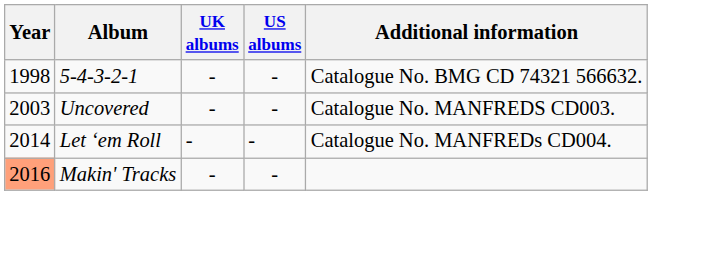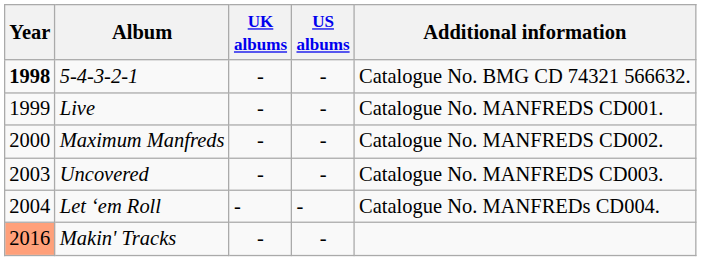 <table class="wikitable">
 <tr>
 <th>Year</th>
 <th>Album</th>
 <th width="40"><small><a href='#'>UK albums</a></small></th>
 <th width="40"><small><a href='#'>US albums</a></small></th>
 <th>Additional information</th>
 </tr>
 <tr>
-<td>1998</td>
+<td><strong>1998</strong></td>
 <td><em>5-4-3-2-1</em></td>
 <td align="center">-</td>
 <td align="center">-</td>
 <td>Catalogue No. BMG CD 74321 566632.</td>
+</tr>
+<tr>
+<td>1999</td>
+<td><em>Live</em></td>
+<td align="center">-</td>
+<td align="center">-</td>
+<td>Catalogue No. MANFREDS CD001.</td>
+</tr>
+<tr>
+<td>2000</td>
+<td><em>Maximum Manfreds</em></td>
+<td align="center">-</td>
+<td align="center">-</td>
+<td>Catalogue No. MANFREDS CD002.</td>
 </tr>
 <tr>
 <td>2003</td>
 <td><em>Uncovered</em></td>
 <td align="center">-</td>
 <td align="center">-</td>
 <td>Catalogue No. MANFREDS CD003.</td>
 </tr>
 <tr>
-<td>2014</td>
+<td>2004</td>
 <td><em>Let ‘em Roll</em></td>
 <td align=“center>-</td>
 <td align=“center>-</td>
 <td>Catalogue No. MANFREDs CD004.</td>
 </tr>
 <tr>
 <td style="background: lightsalmon;">2016</td>
 <td><em>Makin' Tracks</em></td>
 <td align="center">-</td>
 <td align="center">-</td>
 <td></td>
 </tr>
 </table>
